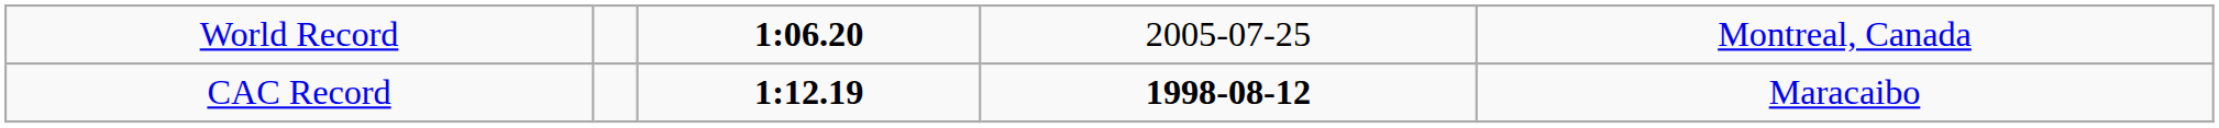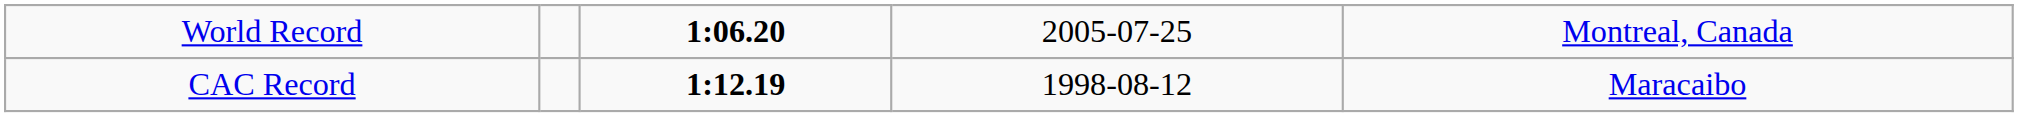 <table class="wikitable" style=" text-align:center; font-size:95%;" width="75%">
 <tr>
 <td><a href='#'>World Record</a></td>
 <td></td>
 <td><strong>1:06.20</strong></td>
 <td>2005-07-25</td>
 <td> <a href='#'>Montreal, Canada</a></td>
 </tr>
 <tr>
 <td><a href='#'>CAC Record</a></td>
 <td></td>
 <td><strong>1:12.19</strong></td>
-<td><strong>1998-08-12</strong></td>
+<td>1998-08-12</td>
 <td> <a href='#'>Maracaibo</a></td>
 </tr>
 </table>
